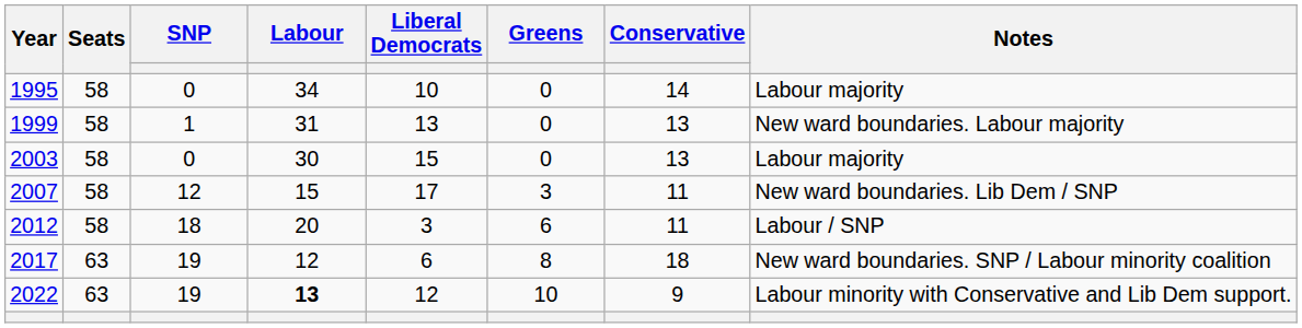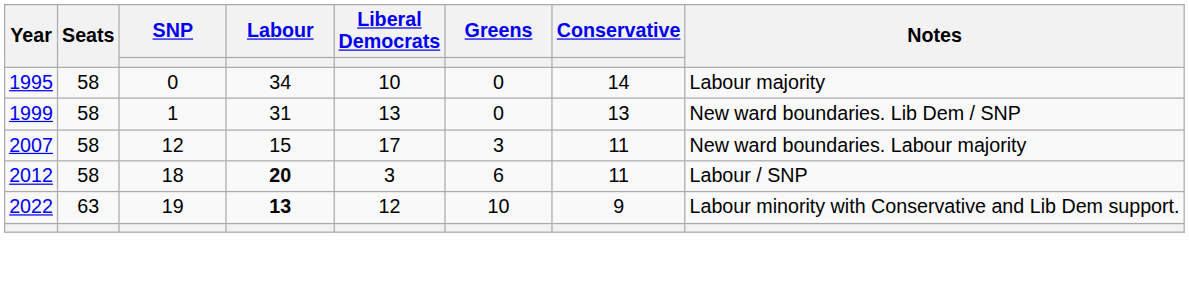 <table class="wikitable" style=text-align:center>
 <tr>
 <th rowspan=2>Year</th>
 <th rowspan=2>Seats</th>
 <th width="80"><a href='#'>SNP</a></th>
 <th width="80"><a href='#'>Labour</a></th>
 <th width="80"><a href='#'>Liberal Democrats</a></th>
 <th width="80"><a href='#'>Greens</a></th>
 <th width="80"><a href='#'>Conservative</a></th>
 <th rowspan=2>Notes</th>
 </tr>
 <tr>
 <th style="background-color: "></th>
 <th style="background-color: "></th>
 <th style="background-color: "></th>
 <th style="background-color: "></th>
 <th style="background-color: "></th>
 </tr>
 <tr>
 <td><a href='#'>1995</a></td>
 <td>58</td>
 <td>0</td>
 <td>34</td>
 <td>10</td>
 <td>0</td>
 <td>14</td>
 <td align=left>Labour majority</td>
 </tr>
 <tr>
 <td><a href='#'>1999</a></td>
 <td>58</td>
 <td>1</td>
 <td>31</td>
 <td>13</td>
 <td>0</td>
 <td>13</td>
-<td align=left>New ward boundaries. Labour majority</td>
-</tr>
-<tr>
-<td><a href='#'>2003</a></td>
-<td>58</td>
-<td>0</td>
-<td>30</td>
-<td>15</td>
-<td>0</td>
-<td>13</td>
-<td align=left>Labour majority</td>
+<td align=left>New ward boundaries. Lib Dem / SNP</td>
 </tr>
 <tr>
 <td><a href='#'>2007</a></td>
 <td>58</td>
 <td>12</td>
 <td>15</td>
 <td>17</td>
 <td>3</td>
 <td>11</td>
-<td align=left>New ward boundaries. Lib Dem / SNP</td>
+<td align=left>New ward boundaries. Labour majority</td>
 </tr>
 <tr>
 <td><a href='#'>2012</a></td>
 <td>58</td>
 <td>18</td>
-<td>20</td>
+<td><strong>20</strong></td>
 <td>3</td>
 <td>6</td>
 <td>11</td>
 <td align=left>Labour / SNP</td>
-</tr>
-<tr>
-<td><a href='#'>2017</a></td>
-<td>63</td>
-<td>19</td>
-<td>12</td>
-<td>6</td>
-<td>8</td>
-<td>18</td>
-<td align=left>New ward boundaries. SNP / Labour minority coalition</td>
 </tr>
 <tr>
 <td><a href='#'>2022</a></td>
 <td>63</td>
 <td>19</td>
 <td><strong>13</strong></td>
 <td>12</td>
 <td>10</td>
 <td>9</td>
 <td align=left>Labour minority with Conservative and Lib Dem support.</td>
 </tr>
 <tr>
 <th></th>
 <th></th>
 <th style="background-color: "></th>
 <th style="background-color: "></th>
 <th style="background-color: "></th>
 <th style="background-color: "></th>
 <th style="background-color: "></th>
 <th></th>
 </tr>
 </table>
